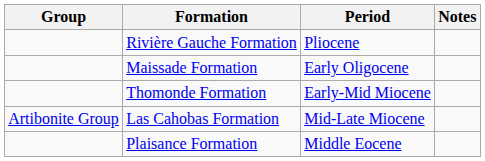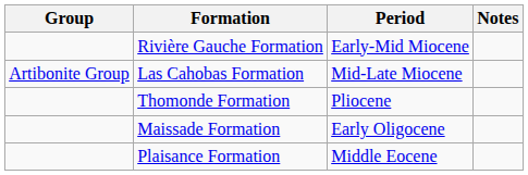 <table class="wikitable sortable">
 <tr>
 <th>Group</th>
 <th>Formation</th>
 <th>Period</th>
 <th class="unsortable">Notes</th>
 </tr>
 <tr>
 <td></td>
 <td><a href='#'>Rivière Gauche Formation</a></td>
+<td style="background-color: "><a href='#'>Early-Mid Miocene</a></td>
+<td align=center></td>
+</tr>
+<tr>
+<td><a href='#'>Artibonite Group</a></td>
+<td><a href='#'>Las Cahobas Formation</a></td>
+<td style="background-color: "><a href='#'>Mid-Late Miocene</a></td>
+<td align=center></td>
+</tr>
+<tr>
+<td></td>
+<td><a href='#'>Thomonde Formation</a></td>
 <td style="background-color: "><a href='#'>Pliocene</a></td>
 <td align=center></td>
 </tr>
 <tr>
 <td></td>
 <td><a href='#'>Maissade Formation</a></td>
 <td style="background-color: "><a href='#'>Early Oligocene</a></td>
 <td align=center></td>
 </tr>
 <tr>
 <td></td>
-<td><a href='#'>Thomonde Formation</a></td>
-<td style="background-color: "><a href='#'>Early-Mid Miocene</a></td>
-<td align=center></td>
-</tr>
-<tr>
-<td><a href='#'>Artibonite Group</a></td>
-<td><a href='#'>Las Cahobas Formation</a></td>
-<td style="background-color: "><a href='#'>Mid-Late Miocene</a></td>
-<td align=center></td>
-</tr>
-<tr>
-<td></td>
 <td><a href='#'>Plaisance Formation</a></td>
 <td style="background-color: "><a href='#'>Middle Eocene</a></td>
 <td align=center></td>
 </tr>
 <tr>
 </tr>
 </table>
